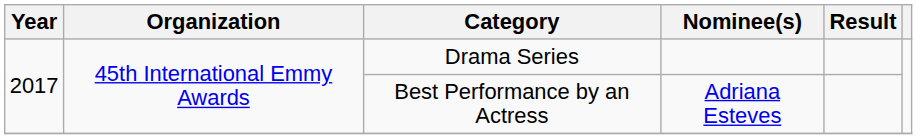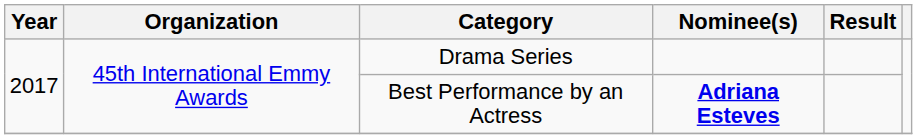 <table class="wikitable" width="75%" ; style="text-align:center;">
 <tr>
 <th>Year</th>
 <th>Organization</th>
 <th>Category</th>
 <th>Nominee(s)</th>
 <th>Result</th>
 <th></th>
 </tr>
 <tr>
 <td rowspan="2">2017</td>
 <td rowspan="2"><a href='#'>45th International Emmy Awards</a></td>
 <td>Drama Series</td>
 <td></td>
 <td></td>
 <td rowspan="2"></td>
 </tr>
 <tr>
 <td>Best Performance by an Actress</td>
-<td><a href='#'>Adriana Esteves</a></td>
+<td><strong><a href='#'>Adriana Esteves</a></strong></td>
 <td></td>
 </tr>
 <tr>
 </tr>
 </table>
